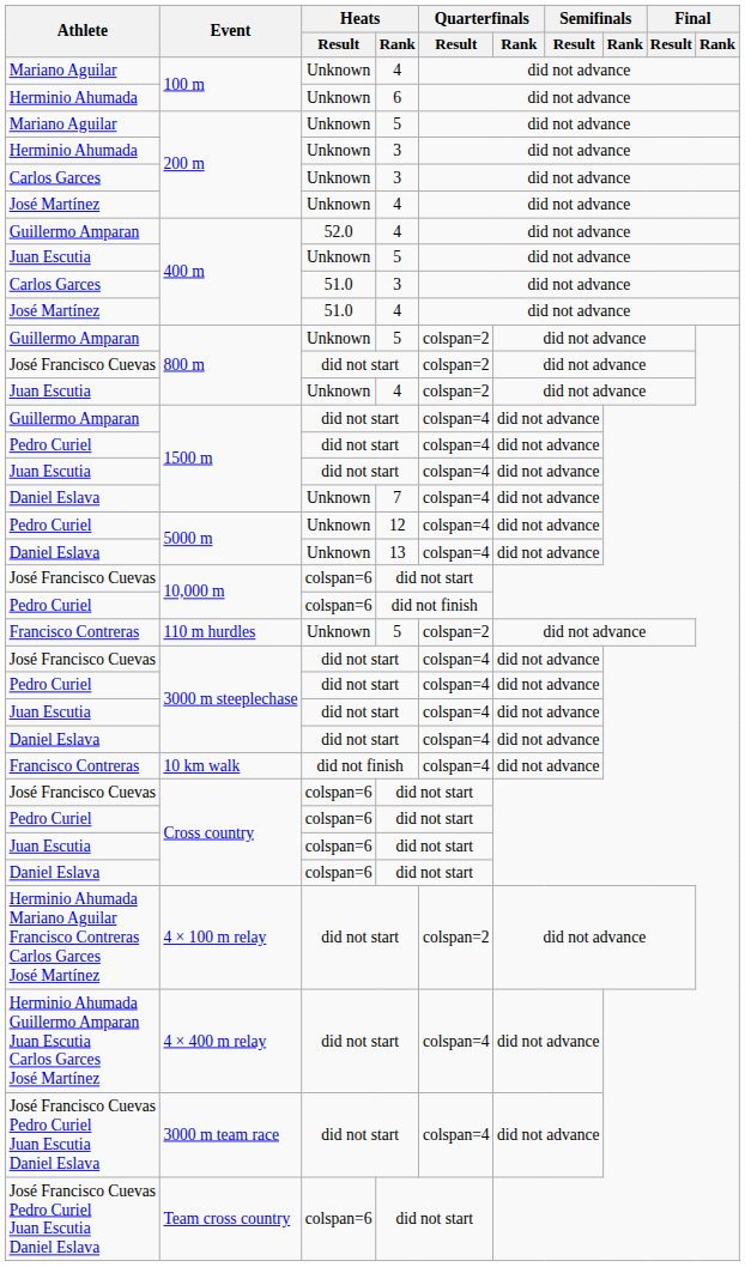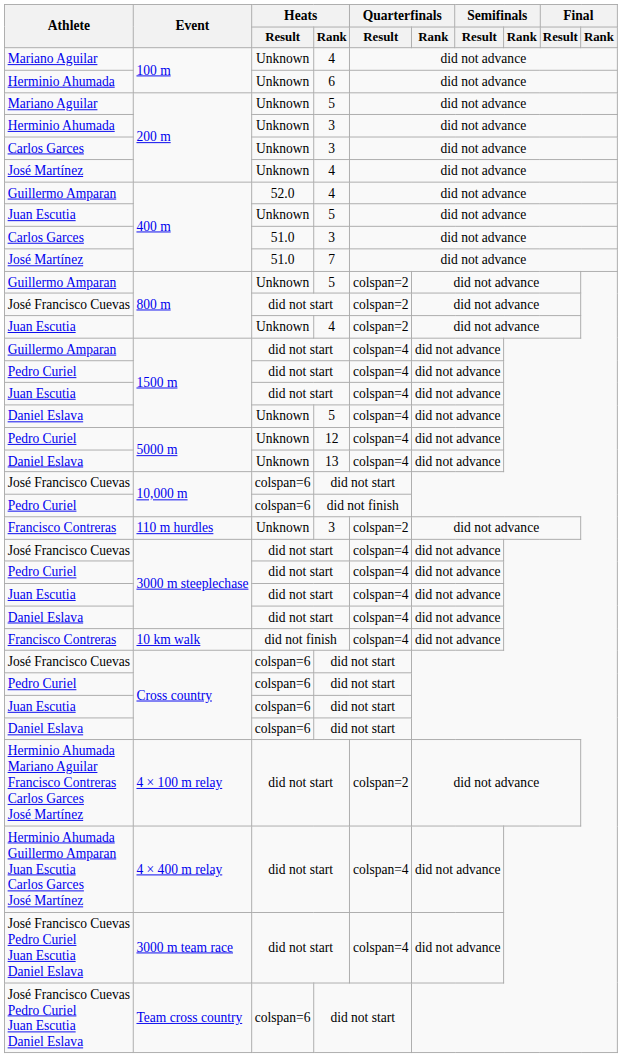 <table class=wikitable style="font-size:90%">
 <tr>
 <th rowspan=2>Athlete</th>
 <th rowspan=2>Event</th>
 <th colspan=2>Heats</th>
 <th colspan=2>Quarterfinals</th>
 <th colspan=2>Semifinals</th>
 <th colspan=2>Final</th>
 </tr>
 <tr style="font-size:95%">
 <th>Result</th>
 <th>Rank</th>
 <th>Result</th>
 <th>Rank</th>
 <th>Result</th>
 <th>Rank</th>
 <th>Result</th>
 <th>Rank</th>
 </tr>
 <tr align=center>
 <td align=left><a href='#'>Mariano Aguilar</a></td>
 <td align=left rowspan=2><a href='#'>100 m</a></td>
 <td>Unknown</td>
 <td>4</td>
 <td colspan=6>did not advance</td>
 </tr>
 <tr align=center>
 <td align=left><a href='#'>Herminio Ahumada</a></td>
 <td>Unknown</td>
 <td>6</td>
 <td colspan=6>did not advance</td>
 </tr>
 <tr align=center>
 <td align=left><a href='#'>Mariano Aguilar</a></td>
 <td align=left rowspan=4><a href='#'>200 m</a></td>
 <td>Unknown</td>
 <td>5</td>
 <td colspan=6>did not advance</td>
 </tr>
 <tr align=center>
 <td align=left><a href='#'>Herminio Ahumada</a></td>
 <td>Unknown</td>
 <td>3</td>
 <td colspan=6>did not advance</td>
 </tr>
 <tr align=center>
 <td align=left><a href='#'>Carlos Garces</a></td>
 <td>Unknown</td>
 <td>3</td>
 <td colspan=6>did not advance</td>
 </tr>
 <tr align=center>
 <td align=left><a href='#'>José Martínez</a></td>
 <td>Unknown</td>
 <td>4</td>
 <td colspan=6>did not advance</td>
 </tr>
 <tr align=center>
 <td align=left><a href='#'>Guillermo Amparan</a></td>
 <td align=left rowspan=4><a href='#'>400 m</a></td>
 <td>52.0</td>
 <td>4</td>
 <td colspan=6>did not advance</td>
 </tr>
 <tr align=center>
 <td align=left><a href='#'>Juan Escutia</a></td>
 <td>Unknown</td>
 <td>5</td>
 <td colspan=6>did not advance</td>
 </tr>
 <tr align=center>
 <td align=left><a href='#'>Carlos Garces</a></td>
 <td>51.0</td>
 <td>3</td>
 <td colspan=6>did not advance</td>
 </tr>
 <tr align=center>
 <td align=left><a href='#'>José Martínez</a></td>
 <td>51.0</td>
-<td>4</td>
+<td>7</td>
 <td colspan=6>did not advance</td>
 </tr>
 <tr align=center>
 <td align=left><a href='#'>Guillermo Amparan</a></td>
 <td align=left rowspan=3><a href='#'>800 m</a></td>
 <td>Unknown</td>
 <td>5</td>
 <td>colspan=2 </td>
 <td colspan=4>did not advance</td>
 </tr>
 <tr align=center>
 <td align=left>José Francisco Cuevas</td>
 <td colspan=2>did not start</td>
 <td>colspan=2 </td>
 <td colspan=4>did not advance</td>
 </tr>
 <tr align=center>
 <td align=left><a href='#'>Juan Escutia</a></td>
 <td>Unknown</td>
 <td>4</td>
 <td>colspan=2 </td>
 <td colspan=4>did not advance</td>
 </tr>
 <tr align=center>
 <td align=left><a href='#'>Guillermo Amparan</a></td>
 <td align=left rowspan=4><a href='#'>1500 m</a></td>
 <td colspan=2>did not start</td>
 <td>colspan=4 </td>
 <td colspan=2>did not advance</td>
 </tr>
 <tr align=center>
 <td align=left><a href='#'>Pedro Curiel</a></td>
 <td colspan=2>did not start</td>
 <td>colspan=4 </td>
 <td colspan=2>did not advance</td>
 </tr>
 <tr align=center>
 <td align=left><a href='#'>Juan Escutia</a></td>
 <td colspan=2>did not start</td>
 <td>colspan=4 </td>
 <td colspan=2>did not advance</td>
 </tr>
 <tr align=center>
 <td align=left><a href='#'>Daniel Eslava</a></td>
 <td>Unknown</td>
-<td>7</td>
+<td>5</td>
 <td>colspan=4 </td>
 <td colspan=2>did not advance</td>
 </tr>
 <tr align=center>
 <td align=left><a href='#'>Pedro Curiel</a></td>
 <td align=left rowspan=2><a href='#'>5000 m</a></td>
 <td>Unknown</td>
 <td>12</td>
 <td>colspan=4 </td>
 <td colspan=2>did not advance</td>
 </tr>
 <tr align=center>
 <td align=left><a href='#'>Daniel Eslava</a></td>
 <td>Unknown</td>
 <td>13</td>
 <td>colspan=4 </td>
 <td colspan=2>did not advance</td>
 </tr>
 <tr align=center>
 <td align=left>José Francisco Cuevas</td>
 <td align=left rowspan=2><a href='#'>10,000 m</a></td>
 <td>colspan=6 </td>
 <td colspan=2>did not start</td>
 </tr>
 <tr align=center>
 <td align=left><a href='#'>Pedro Curiel</a></td>
 <td>colspan=6 </td>
 <td colspan=2>did not finish</td>
 </tr>
 <tr align=center>
 <td align=left><a href='#'>Francisco Contreras</a></td>
 <td align=left><a href='#'>110 m hurdles</a></td>
 <td>Unknown</td>
-<td>5</td>
+<td>3</td>
 <td>colspan=2 </td>
 <td colspan=4>did not advance</td>
 </tr>
 <tr align=center>
 <td align=left>José Francisco Cuevas</td>
 <td align=left rowspan=4><a href='#'>3000 m steeplechase</a></td>
 <td colspan=2>did not start</td>
 <td>colspan=4 </td>
 <td colspan=2>did not advance</td>
 </tr>
 <tr align=center>
 <td align=left><a href='#'>Pedro Curiel</a></td>
 <td colspan=2>did not start</td>
 <td>colspan=4 </td>
 <td colspan=2>did not advance</td>
 </tr>
 <tr align=center>
 <td align=left><a href='#'>Juan Escutia</a></td>
 <td colspan=2>did not start</td>
 <td>colspan=4 </td>
 <td colspan=2>did not advance</td>
 </tr>
 <tr align=center>
 <td align=left><a href='#'>Daniel Eslava</a></td>
 <td colspan=2>did not start</td>
 <td>colspan=4 </td>
 <td colspan=2>did not advance</td>
 </tr>
 <tr align=center>
 <td align=left><a href='#'>Francisco Contreras</a></td>
 <td align=left><a href='#'>10 km walk</a></td>
 <td colspan=2>did not finish</td>
 <td>colspan=4 </td>
 <td colspan=2>did not advance</td>
 </tr>
 <tr align=center>
 <td align=left>José Francisco Cuevas</td>
 <td align=left rowspan=4><a href='#'>Cross country</a></td>
 <td>colspan=6 </td>
 <td colspan=2>did not start</td>
 </tr>
 <tr align=center>
 <td align=left><a href='#'>Pedro Curiel</a></td>
 <td>colspan=6 </td>
 <td colspan=2>did not start</td>
 </tr>
 <tr align=center>
 <td align=left><a href='#'>Juan Escutia</a></td>
 <td>colspan=6 </td>
 <td colspan=2>did not start</td>
 </tr>
 <tr align=center>
 <td align=left><a href='#'>Daniel Eslava</a></td>
 <td>colspan=6 </td>
 <td colspan=2>did not start</td>
 </tr>
 <tr align=center>
 <td align=left><a href='#'>Herminio Ahumada</a><br><a href='#'>Mariano Aguilar</a><br><a href='#'>Francisco Contreras</a><br><a href='#'>Carlos Garces</a><br><a href='#'>José Martínez</a></td>
 <td align=left><a href='#'>4 × 100 m relay</a></td>
 <td colspan=2>did not start</td>
 <td>colspan=2 </td>
 <td colspan=4>did not advance</td>
 </tr>
 <tr align=center>
 <td align=left><a href='#'>Herminio Ahumada</a><br><a href='#'>Guillermo Amparan</a><br><a href='#'>Juan Escutia</a><br><a href='#'>Carlos Garces</a><br><a href='#'>José Martínez</a></td>
 <td align=left><a href='#'>4 × 400 m relay</a></td>
 <td colspan=2>did not start</td>
 <td>colspan=4 </td>
 <td colspan=2>did not advance</td>
 </tr>
 <tr align=center>
 <td align=left>José Francisco Cuevas<br><a href='#'>Pedro Curiel</a><br><a href='#'>Juan Escutia</a><br><a href='#'>Daniel Eslava</a></td>
 <td align=left><a href='#'>3000 m team race</a></td>
 <td colspan=2>did not start</td>
 <td>colspan=4 </td>
 <td colspan=2>did not advance</td>
 </tr>
 <tr align=center>
 <td align=left>José Francisco Cuevas<br><a href='#'>Pedro Curiel</a><br><a href='#'>Juan Escutia</a><br><a href='#'>Daniel Eslava</a></td>
 <td align=left><a href='#'>Team cross country</a></td>
 <td>colspan=6 </td>
 <td colspan=2>did not start</td>
 </tr>
 </table>
